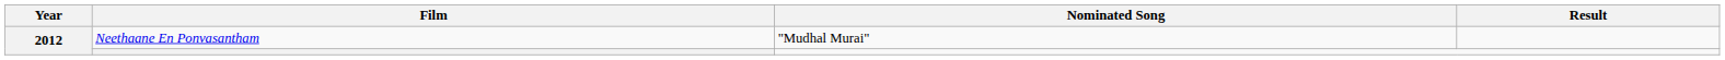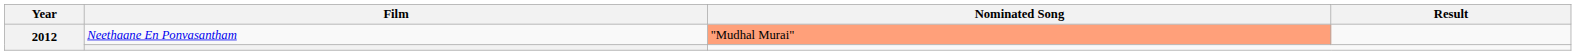 <table class="wikitable plainrowheaders" width="100%" textcolor:#000;">
 <tr>
 <th scope="col" width=5%><strong>Year</strong></th>
 <th scope="col" width=39%><strong>Film</strong></th>
 <th scope="col" width=39%><strong>Nominated Song</strong></th>
 <th scope="col" width=15%><strong>Result</strong></th>
 </tr>
 <tr>
 <th scope="row" rowspan="2">2012</th>
 <td><em><a href='#'>Neethaane En Ponvasantham</a></em></td>
-<td>"Mudhal Murai"</td>
+<td style="background: lightsalmon;">"Mudhal Murai"</td>
 <td></td>
 </tr>
 <tr>
 <th></th>
 </tr>
 </table>
